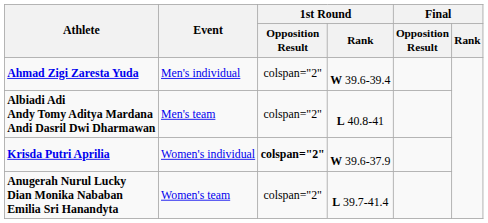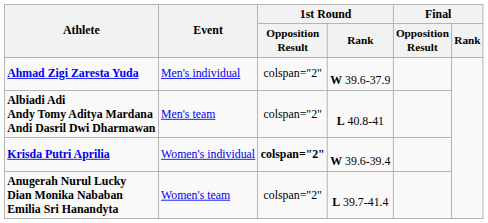 <table class="wikitable" style="font-size:85%">
 <tr>
 <th rowspan=2>Athlete</th>
 <th rowspan=2>Event</th>
 <th colspan=2>1st Round</th>
 <th colspan=2>Final</th>
 </tr>
 <tr style="font-size:95%">
 <th>Opposition<br>Result</th>
 <th>Rank</th>
 <th>Opposition<br>Result</th>
 <th>Rank</th>
 </tr>
 <tr align=center>
 <td align=left><strong><a href='#'>Ahmad Zigi Zaresta Yuda</a></strong></td>
 <td align=left><a href='#'>Men's individual</a></td>
 <td>colspan="2" </td>
-<td><br><strong>W</strong> 39.6-39.4</td>
+<td><br><strong>W</strong> 39.6-37.9</td>
 <td></td>
 </tr>
 <tr align=center>
 <td align=left><strong>Albiadi Adi <br> Andy Tomy Aditya Mardana <br> Andi Dasril Dwi Dharmawan</strong></td>
 <td align=left><a href='#'>Men's team</a></td>
 <td>colspan="2" </td>
 <td><br><strong>L</strong> 40.8-41</td>
 <td></td>
 </tr>
 <tr align=center>
 <td align=left><strong><a href='#'>Krisda Putri Aprilia</a></strong></td>
 <td align=left><a href='#'>Women's individual</a></td>
 <td><strong>colspan="2" </strong></td>
-<td><br><strong>W</strong> 39.6-37.9</td>
+<td><br><strong>W</strong> 39.6-39.4</td>
 <td></td>
 </tr>
 <tr align=center>
 <td align=left><strong>Anugerah Nurul Lucky <br> Dian Monika Nababan <br> Emilia Sri Hanandyta</strong></td>
 <td align=left><a href='#'>Women's team</a></td>
 <td>colspan="2" </td>
 <td><br><strong>L</strong> 39.7-41.4</td>
 <td></td>
 </tr>
 </table>
